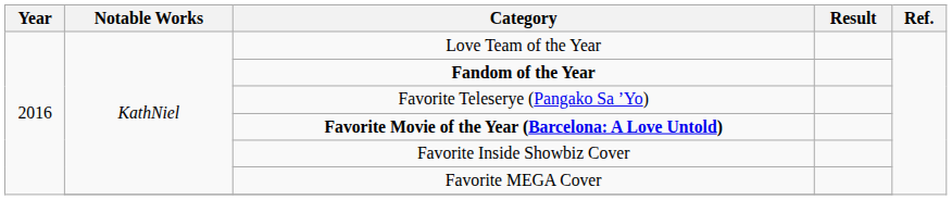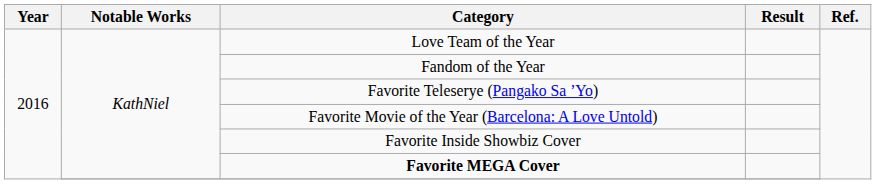 <table class="wikitable" style="text-align:center" width=70%>
 <tr>
 <th>Year</th>
 <th>Notable Works</th>
 <th>Category</th>
 <th>Result</th>
 <th>Ref.</th>
 </tr>
 <tr>
 <td rowspan="7">2016</td>
 <td rowspan="6"><em>KathNiel</em></td>
 <td>Love Team of the Year</td>
 <td></td>
 <td rowspan="7"></td>
 </tr>
 <tr>
-<td><strong>Fandom of the Year</strong></td>
+<td>Fandom of the Year</td>
 <td></td>
 </tr>
 <tr>
 <td>Favorite Teleserye (<a href='#'>Pangako Sa ’Yo</a>)</td>
 <td></td>
 </tr>
 <tr>
-<td><strong>Favorite Movie of the Year (<a href='#'>Barcelona: A Love Untold</a>)</strong></td>
+<td>Favorite Movie of the Year (<a href='#'>Barcelona: A Love Untold</a>)</td>
 <td></td>
 </tr>
 <tr>
 <td>Favorite Inside Showbiz Cover</td>
 <td></td>
 </tr>
 <tr>
-<td>Favorite MEGA Cover</td>
+<td><strong>Favorite MEGA Cover</strong></td>
 <td></td>
 </tr>
 <tr>
 </tr>
 </table>
